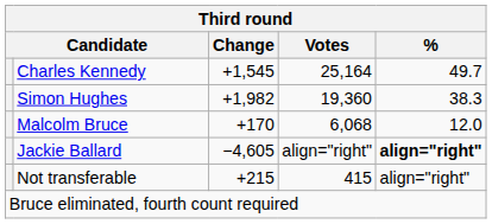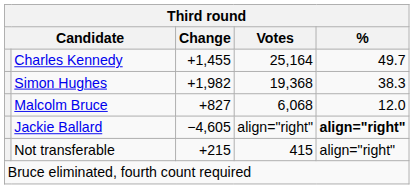 <table class="wikitable" style="font-size:95%;">
 <tr>
 <th colspan="5">Third round</th>
 </tr>
 <tr>
 <th colspan="2" style="width: 170px">Candidate</th>
 <th style="width: 50px">Change</th>
 <th style="width: 50px">Votes</th>
 <th style="width: 40px">%</th>
 </tr>
 <tr>
 <th style="background-color: "></th>
 <td style="width: 170px"><a href='#'>Charles Kennedy</a></td>
-<td align="right">+1,545</td>
+<td align="right">+1,455</td>
 <td align="right">25,164</td>
 <td align="right">49.7</td>
 </tr>
 <tr>
 <th style="background-color: "></th>
 <td style="width: 170px"><a href='#'>Simon Hughes</a></td>
 <td align="right">+1,982</td>
-<td align="right">19,360</td>
+<td align="right">19,368</td>
 <td align="right">38.3</td>
 </tr>
 <tr>
 <th style="background-color: "></th>
 <td style="width: 170px"><a href='#'>Malcolm Bruce</a></td>
-<td align="right">+170</td>
+<td align="right">+827</td>
 <td align="right">6,068</td>
 <td align="right">12.0</td>
 </tr>
 <tr>
 <th style="background-color: "></th>
 <td style="width: 170px"><a href='#'>Jackie Ballard</a></td>
 <td align="right">−4,605</td>
 <td>align="right" </td>
 <td><strong>align="right" </strong></td>
 </tr>
 <tr>
 <th style="background-color: "></th>
 <td style="width: 170px">Not transferable</td>
 <td align="right">+215</td>
 <td align="right">415</td>
 <td>align="right" </td>
 </tr>
 <tr>
 <td colspan="5">Bruce eliminated, fourth count required</td>
 </tr>
 </table>
